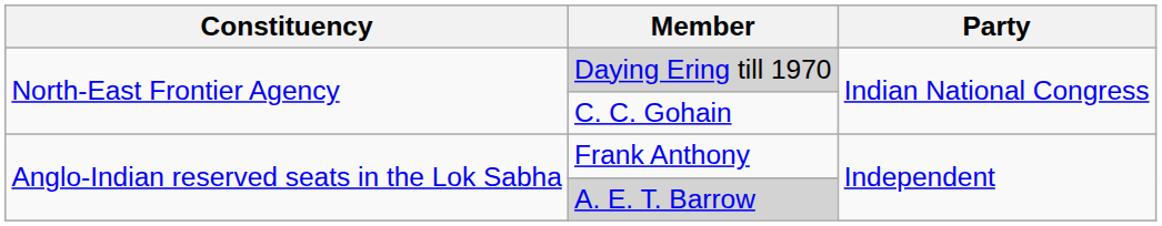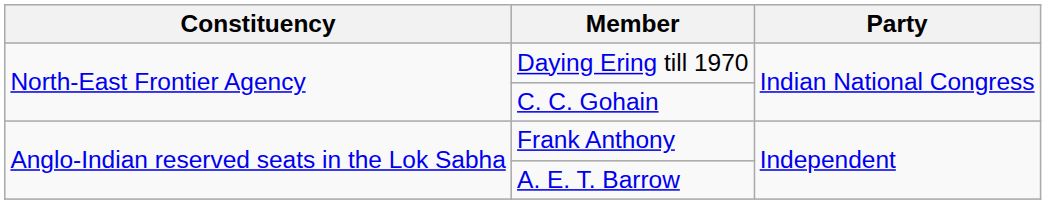 <table class="wikitable sortable">
 <tr>
 <th>Constituency</th>
 <th>Member</th>
 <th>Party</th>
 </tr>
 <tr>
 <td rowspan="2"><a href='#'>North-East Frontier Agency</a></td>
-<td style="background: lightgrey;"><a href='#'>Daying Ering</a> till 1970</td>
+<td><a href='#'>Daying Ering</a> till 1970</td>
 <td rowspan="2"><a href='#'>Indian National Congress</a></td>
 </tr>
 <tr>
 <td><a href='#'>C. C. Gohain</a></td>
 </tr>
 <tr>
 <td rowspan="2"><a href='#'>Anglo-Indian reserved seats in the Lok Sabha</a></td>
 <td><a href='#'>Frank Anthony</a></td>
 <td rowspan="2"><a href='#'>Independent</a></td>
 </tr>
 <tr>
-<td style="background: lightgrey;"><a href='#'>A. E. T. Barrow</a></td>
+<td><a href='#'>A. E. T. Barrow</a></td>
 </tr>
 </table>
